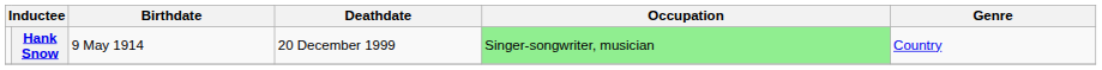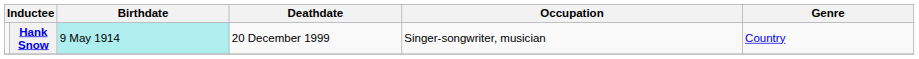 <table class="wikitable" width="100%">
 <tr>
 <th colspan=2>Inductee</th>
 <th width="20%">Birthdate</th>
 <th width="20%">Deathdate</th>
 <th width="40%">Occupation</th>
 <th width="40%">Genre</th>
 </tr>
 <tr>
 <td></td>
 <th><a href='#'>Hank Snow</a></th>
-<td>9 May 1914</td>
+<td style="background: paleturquoise;">9 May 1914</td>
 <td>20 December 1999</td>
-<td style="background: lightgreen;">Singer-songwriter, musician</td>
+<td>Singer-songwriter, musician</td>
 <td><a href='#'>Country</a></td>
 </tr>
 <tr>
 </tr>
 </table>
